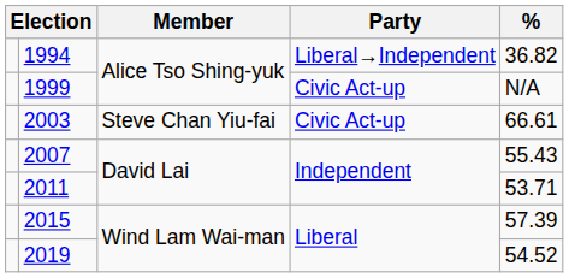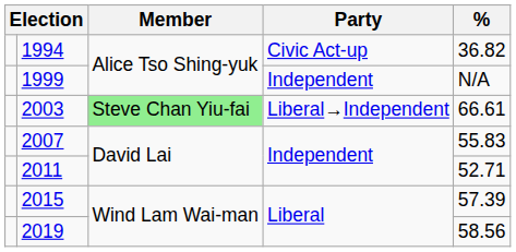 <table class="wikitable">
 <tr>
 <th colspan="2">Election</th>
 <th>Member</th>
 <th>Party</th>
 <th>%</th>
 </tr>
 <tr>
 <td style="background-color:"></td>
 <td><a href='#'>1994</a></td>
 <td rowspan=2>Alice Tso Shing-yuk</td>
-<td><a href='#'>Liberal</a>→<a href='#'>Independent</a></td>
+<td><a href='#'>Civic Act-up</a></td>
 <td>36.82</td>
 </tr>
 <tr>
 <td style="background-color:"></td>
 <td><a href='#'>1999</a></td>
-<td><a href='#'>Civic Act-up</a></td>
+<td><a href='#'>Independent</a></td>
 <td>N/A</td>
 </tr>
 <tr>
 <td style="background-color:"></td>
 <td><a href='#'>2003</a></td>
-<td>Steve Chan Yiu-fai</td>
-<td><a href='#'>Civic Act-up</a></td>
+<td style="background: lightgreen;">Steve Chan Yiu-fai</td>
+<td><a href='#'>Liberal</a>→<a href='#'>Independent</a></td>
 <td>66.61</td>
 </tr>
 <tr>
 <td style="background-color:"></td>
 <td><a href='#'>2007</a></td>
 <td rowspan=2>David Lai</td>
 <td rowspan=2><a href='#'>Independent</a></td>
-<td>55.43</td>
+<td>55.83</td>
 </tr>
 <tr>
 <td style="background-color:"></td>
 <td><a href='#'>2011</a></td>
-<td>53.71</td>
+<td>52.71</td>
 </tr>
 <tr>
 <td style="background-color:"></td>
 <td><a href='#'>2015</a></td>
 <td rowspan=2>Wind Lam Wai-man</td>
 <td rowspan=2><a href='#'>Liberal</a></td>
 <td>57.39</td>
 </tr>
 <tr>
 <td style="background-color:"></td>
 <td><a href='#'>2019</a></td>
-<td>54.52</td>
+<td>58.56</td>
 </tr>
 </table>
